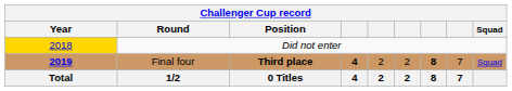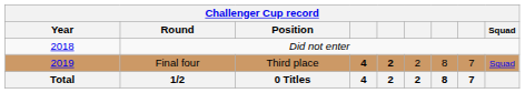 <table class="wikitable" style="text-align: center;font-size:90%;">
 <tr>
 <th colspan=9><a href='#'>Challenger Cup record</a></th>
 </tr>
 <tr>
 <th width=150>Year</th>
 <th width=150>Round</th>
 <th width=150>Position</th>
 <th width=30></th>
 <th width=30></th>
 <th width=30></th>
 <th width=30></th>
 <th width=30></th>
 <th width=40><small>Squad</small></th>
 </tr>
 <tr>
-<td style="background: gold;"> <a href='#'>2018</a></td>
+<td> <a href='#'>2018</a></td>
 <td colspan=8 align=center><em>Did not enter</em></td>
 </tr>
 <tr bgcolor=cc9966>
-<td><strong> <a href='#'>2019</a></strong></td>
+<td> <a href='#'>2019</a></td>
 <td>Final four</td>
-<td><strong>Third place</strong></td>
+<td>Third place</td>
 <td><strong>4</strong></td>
+<td><strong>2</strong></td>
 <td>2</td>
-<td>2</td>
-<td><strong>8</strong></td>
+<td>8</td>
 <td>7</td>
 <td><small><a href='#'>Squad</a></small></td>
 </tr>
 <tr>
 <th>Total</th>
 <th>1/2</th>
 <th>0 Titles</th>
 <th>4</th>
 <th>2</th>
 <th>2</th>
 <th>8</th>
 <th>7</th>
 <th></th>
 </tr>
 </table>
